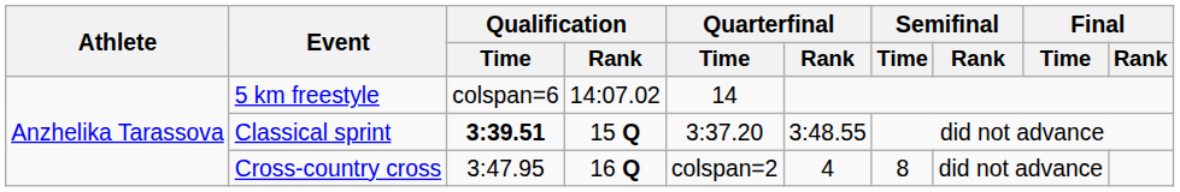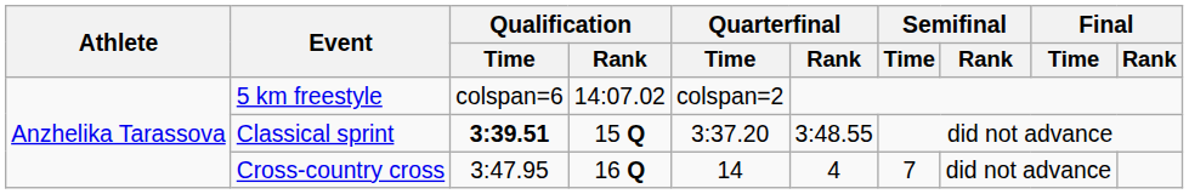 <table class="wikitable" style="font-size:90%">
 <tr>
 <th rowspan="2">Athlete</th>
 <th rowspan="2">Event</th>
 <th colspan="2">Qualification</th>
 <th colspan="2">Quarterfinal</th>
 <th colspan="2">Semifinal</th>
 <th colspan="2">Final</th>
 </tr>
 <tr style="font-size:95%">
 <th>Time</th>
 <th>Rank</th>
 <th>Time</th>
 <th>Rank</th>
 <th>Time</th>
 <th>Rank</th>
 <th>Time</th>
 <th>Rank</th>
 </tr>
 <tr align=center>
 <td align=left rowspan=3><a href='#'>Anzhelika Tarassova</a></td>
 <td align=left><a href='#'>5 km freestyle</a></td>
 <td>colspan=6 </td>
 <td>14:07.02</td>
-<td>14</td>
+<td>colspan=2 </td>
 </tr>
 <tr align=center>
 <td align=left><a href='#'>Classical sprint</a></td>
 <td><strong>3:39.51</strong></td>
 <td>15 <strong>Q</strong></td>
 <td>3:37.20</td>
 <td>3:48.55</td>
 <td colspan=4>did not advance</td>
 </tr>
 <tr align=center>
 <td align=left><a href='#'>Cross-country cross</a></td>
 <td>3:47.95</td>
 <td>16 <strong>Q</strong></td>
-<td>colspan=2 </td>
+<td>14</td>
 <td>4</td>
-<td>8</td>
+<td>7</td>
 <td colspan=2>did not advance</td>
 </tr>
 </table>
